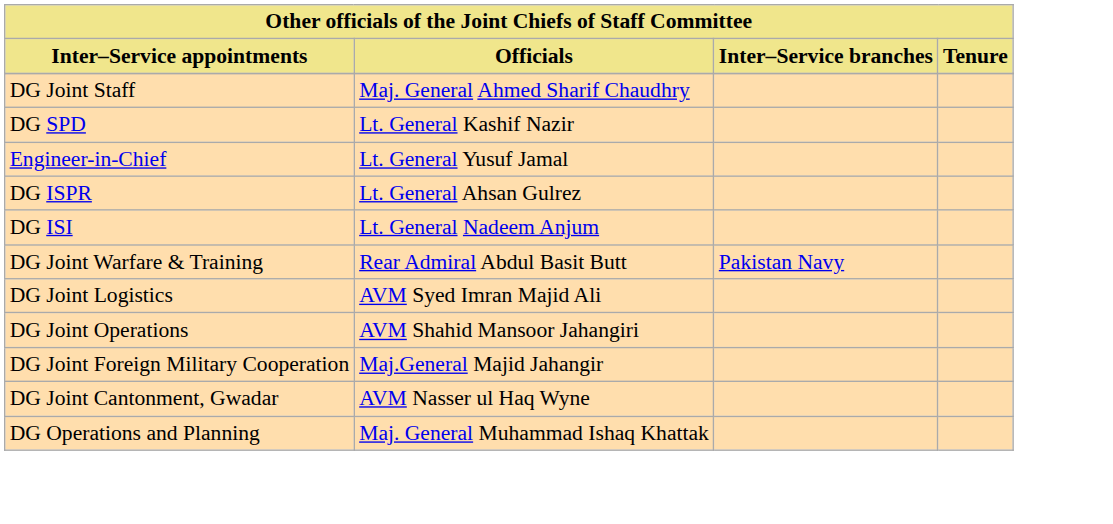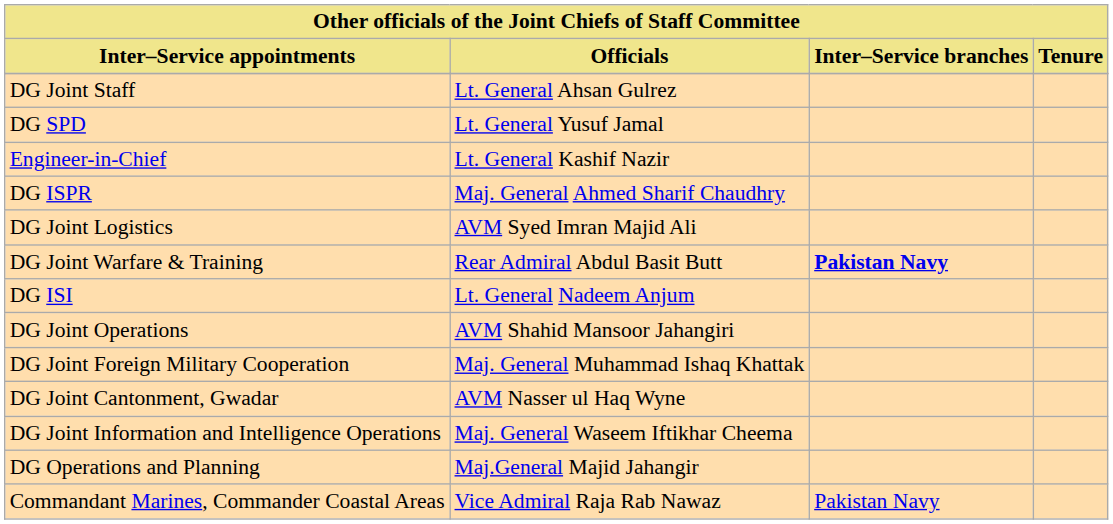 <table class="wikitable sortable">
 <tr>
 <th colspan="4" style="background:#F0E68C;">Other officials of the Joint Chiefs of Staff Committee</th>
 </tr>
 <tr>
 <th style="background:#F0E68C;">Inter–Service appointments</th>
 <th style="background:#F0E68C;">Officials</th>
 <th style="background:#F0E68C;">Inter–Service branches</th>
 <th style="background:#F0E68C;">Tenure</th>
 </tr>
 <tr>
 </tr>
 <tr>
 <td style="background:#FFDEAD;">DG Joint Staff</td>
+<td style="background:#FFDEAD;"><a href='#'>Lt. General</a> Ahsan Gulrez</td>
+<td style="background:#FFDEAD;"></td>
+<td style="background:#FFDEAD;"></td>
+</tr>
+<tr>
+<td style="background:#FFDEAD;">DG <a href='#'>SPD</a></td>
+<td style="background:#FFDEAD;"><a href='#'>Lt. General</a> Yusuf Jamal</td>
+<td style="background:#FFDEAD;"></td>
+<td style="background:#FFDEAD;"></td>
+</tr>
+<tr>
+<td style="background:#FFDEAD;"><a href='#'>Engineer-in-Chief</a></td>
+<td style="background:#FFDEAD;"><a href='#'>Lt. General</a> Kashif Nazir</td>
+<td style="background:#FFDEAD;"></td>
+<td style="background:#FFDEAD;"></td>
+</tr>
+<tr>
+<td style="background:#FFDEAD;">DG <a href='#'>ISPR</a></td>
 <td style="background:#FFDEAD;"><a href='#'>Maj. General</a> <a href='#'>Ahmed Sharif Chaudhry</a></td>
 <td style="background:#FFDEAD;"></td>
 <td style="background:#FFDEAD;"></td>
 </tr>
 <tr>
-<td style="background:#FFDEAD;">DG <a href='#'>SPD</a></td>
-<td style="background:#FFDEAD;"><a href='#'>Lt. General</a> Kashif Nazir</td>
-<td style="background:#FFDEAD;"></td>
-<td style="background:#FFDEAD;"></td>
-</tr>
-<tr>
-<td style="background:#FFDEAD;"><a href='#'>Engineer-in-Chief</a></td>
-<td style="background:#FFDEAD;"><a href='#'>Lt. General</a> Yusuf Jamal</td>
-<td style="background:#FFDEAD;"></td>
-<td style="background:#FFDEAD;"></td>
-</tr>
-<tr>
-<td style="background:#FFDEAD;">DG <a href='#'>ISPR</a></td>
-<td style="background:#FFDEAD;"><a href='#'>Lt. General</a> Ahsan Gulrez</td>
-<td style="background:#FFDEAD;"></td>
-<td style="background:#FFDEAD;"></td>
-</tr>
-<tr>
-<td style="background:#FFDEAD;">DG <a href='#'>ISI</a></td>
-<td style="background:#FFDEAD;"><a href='#'>Lt. General</a> <a href='#'>Nadeem Anjum</a></td>
+<td style="background:#FFDEAD;">DG Joint Logistics</td>
+<td style="background:#FFDEAD;"><a href='#'>AVM</a> Syed Imran Majid Ali</td>
 <td style="background:#FFDEAD;"></td>
 <td style="background:#FFDEAD;"></td>
 </tr>
 <tr>
 <td style="background:#FFDEAD;">DG Joint Warfare & Training</td>
 <td style="background:#FFDEAD;"><a href='#'>Rear Admiral</a> Abdul Basit Butt</td>
-<td style="background:#FFDEAD;"> <a href='#'>Pakistan Navy</a></td>
+<td style="background:#FFDEAD;"><strong> <a href='#'>Pakistan Navy</a></strong></td>
 <td style="background:#FFDEAD;"></td>
 </tr>
 <tr>
-<td style="background:#FFDEAD;">DG Joint Logistics</td>
-<td style="background:#FFDEAD;"><a href='#'>AVM</a> Syed Imran Majid Ali</td>
+<td style="background:#FFDEAD;">DG <a href='#'>ISI</a></td>
+<td style="background:#FFDEAD;"><a href='#'>Lt. General</a> <a href='#'>Nadeem Anjum</a></td>
 <td style="background:#FFDEAD;"></td>
 <td style="background:#FFDEAD;"></td>
 </tr>
 <tr>
 <td style="background:#FFDEAD;">DG Joint Operations</td>
 <td style="background:#FFDEAD;"><a href='#'>AVM</a> Shahid Mansoor Jahangiri</td>
 <td style="background:#FFDEAD;"></td>
 <td style="background:#FFDEAD;"></td>
 </tr>
 <tr>
 <td style="background:#FFDEAD;">DG Joint Foreign Military Cooperation</td>
-<td style="background:#FFDEAD;"><a href='#'>Maj.General</a> Majid Jahangir</td>
+<td style="background:#FFDEAD;"><a href='#'>Maj. General</a> Muhammad Ishaq Khattak</td>
 <td style="background:#FFDEAD;"></td>
 <td style="background:#FFDEAD;"></td>
 </tr>
 <tr>
 <td style="background:#FFDEAD;">DG Joint Cantonment, Gwadar</td>
 <td style="background:#FFDEAD;"><a href='#'>AVM</a> Nasser ul Haq Wyne</td>
 <td style="background:#FFDEAD;"></td>
 <td style="background:#FFDEAD;"></td>
 </tr>
 <tr>
-<td style="background:#FFDEAD;">DG Operations and Planning</td>
-<td style="background:#FFDEAD;"><a href='#'>Maj. General</a> Muhammad Ishaq Khattak</td>
+<td style="background:#FFDEAD;">DG Joint Information and Intelligence Operations</td>
+<td style="background:#FFDEAD;"><a href='#'>Maj. General</a>  Waseem Iftikhar Cheema</td>
 <td style="background:#FFDEAD;"></td>
 <td style="background:#FFDEAD;"></td>
 </tr>
+<tr>
+<td style="background:#FFDEAD;">DG Operations and Planning</td>
+<td style="background:#FFDEAD;"><a href='#'>Maj.General</a> Majid Jahangir</td>
+<td style="background:#FFDEAD;"></td>
+<td style="background:#FFDEAD;"></td>
+</tr>
+<tr>
+<td style="background:#FFDEAD;">Commandant <a href='#'>Marines</a>, Commander Coastal Areas</td>
+<td style="background:#FFDEAD;"><a href='#'>Vice Admiral</a> Raja Rab Nawaz</td>
+<td style="background:#FFDEAD;"> <a href='#'>Pakistan Navy</a></td>
+<td style="background:#FFDEAD;"></td>
+</tr>
 </table>
